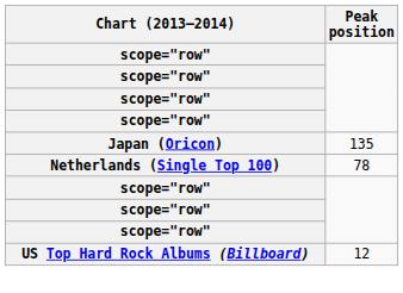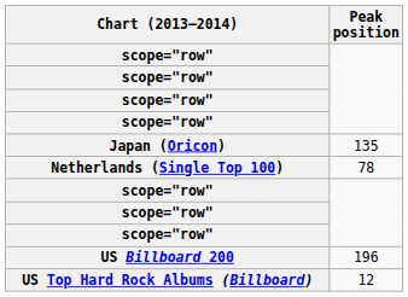 <table class="wikitable sortable plainrowheaders">
 <tr>
 <th scope="col" style="width:23em;">Chart (2013–2014)</th>
 <th scope="col" aligan="center">Peak<br>position</th>
 </tr>
 <tr>
 <th>scope="row" </th>
 </tr>
 <tr>
 <th>scope="row" </th>
 </tr>
 <tr>
 <th>scope="row" </th>
 </tr>
 <tr>
 <th>scope="row" </th>
 </tr>
 <tr>
 <th scope="row">Japan (<a href='#'>Oricon</a>)</th>
 <td style="text-align:center;">135</td>
 </tr>
 <tr>
 <th scope="row">Netherlands (<a href='#'>Single Top 100</a>)</th>
 <td style="text-align:center;">78</td>
 </tr>
 <tr>
 <th>scope="row" </th>
 </tr>
 <tr>
 <th>scope="row" </th>
 </tr>
 <tr>
 <th>scope="row" </th>
 </tr>
 <tr>
+<th scope="row">US <a href='#'><em>Billboard</em> 200</a></th>
+<td style="text-align:center;">196</td>
+</tr>
+<tr>
 <th scope="row">US <a href='#'>Top Hard Rock Albums</a> <em>(<a href='#'>Billboard</a>)</em></th>
 <td style="text-align:center;">12</td>
 </tr>
 </table>
